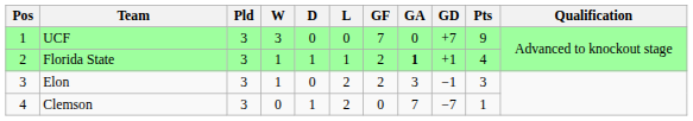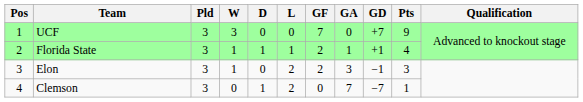 <table class="wikitable" style="text-align:center; margin: 1em auto">
 <tr>
 <th style="width:2em">Pos</th>
 <th style="width:13em">Team</th>
 <th style="width:2em">Pld</th>
 <th style="width:2em">W</th>
 <th style="width:2em">D</th>
 <th style="width:2em">L</th>
 <th style="width:2em">GF</th>
 <th style="width:2em">GA</th>
 <th style="width:2em">GD</th>
 <th style="width:2em">Pts</th>
 <th style="width:13em">Qualification</th>
 </tr>
 <tr bgcolor="#9eff9e">
 <td>1</td>
 <td style="text-align:left">UCF</td>
 <td>3</td>
 <td>3</td>
 <td>0</td>
 <td>0</td>
 <td>7</td>
 <td>0</td>
 <td>+7</td>
 <td>9</td>
 <td rowspan="2">Advanced to knockout stage</td>
 </tr>
 <tr bgcolor="#9eff9e">
 <td>2</td>
 <td style="text-align:left">Florida State</td>
 <td>3</td>
 <td>1</td>
 <td>1</td>
 <td>1</td>
 <td>2</td>
-<td><strong>1</strong></td>
+<td>1</td>
 <td>+1</td>
 <td>4</td>
 </tr>
 <tr>
 <td>3</td>
 <td style="text-align:left">Elon</td>
 <td>3</td>
 <td>1</td>
 <td>0</td>
 <td>2</td>
 <td>2</td>
 <td>3</td>
 <td>−1</td>
 <td>3</td>
 <td rowspan="2"></td>
 </tr>
 <tr>
 <td>4</td>
 <td style="text-align:left">Clemson</td>
 <td>3</td>
 <td>0</td>
 <td>1</td>
 <td>2</td>
 <td>0</td>
 <td>7</td>
 <td>−7</td>
 <td>1</td>
 </tr>
 </table>
